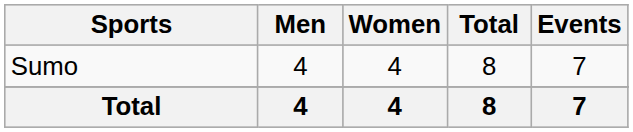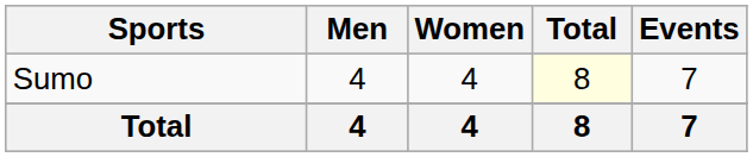 <table class="wikitable sortable" style="text-align:center;">
 <tr>
 <th width=150>Sports</th>
 <th width=45>Men</th>
 <th width=45>Women</th>
 <th width=45>Total</th>
 <th width=45>Events</th>
 </tr>
 <tr>
 <td align=left>Sumo</td>
 <td>4</td>
 <td>4</td>
-<td>8</td>
+<td style="background: lightyellow;">8</td>
 <td>7</td>
 </tr>
 <tr>
 </tr>
 <tr class="sortbottom">
 <th>Total</th>
 <th>4</th>
 <th>4</th>
 <th>8</th>
 <th>7</th>
 </tr>
 </table>
